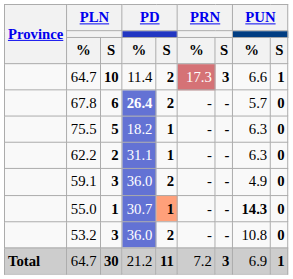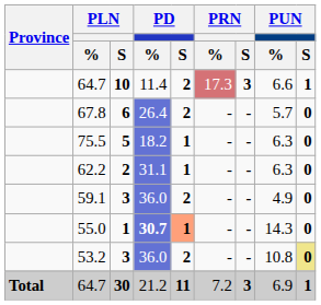 <table class="wikitable sortable" style="text-align:right; font-size:95%; line-height:20px;">
 <tr>
 <th rowspan="3"><a href='#'>Province</a></th>
 <th colspan="2" width="50px"><a href='#'>PLN</a></th>
 <th colspan="2" width="50px"><a href='#'>PD</a></th>
 <th colspan="2" width="50px"><a href='#'>PRN</a></th>
 <th colspan="2" width="50px"><a href='#'>PUN</a></th>
 </tr>
 <tr>
 <th colspan="2" style="background:"></th>
 <th colspan="2" style="background:#2136C2"></th>
 <th colspan="2" style="background:"></th>
 <th colspan="2" style="background:#013d82"></th>
 </tr>
 <tr>
 <th data-sort-type="number">%</th>
 <th data-sort-type="number">S</th>
 <th data-sort-type="number">%</th>
 <th data-sort-type="number">S</th>
 <th data-sort-type="number">%</th>
 <th data-sort-type="number">S</th>
 <th data-sort-type="number">%</th>
 <th data-sort-type="number">S</th>
 </tr>
 <tr>
 <td align="left"></td>
 <td style="background:">64.7</td>
 <td><strong>10</strong></td>
 <td>11.4</td>
 <td><strong>2</strong></td>
 <td style="background:#d57276; color:white;">17.3</td>
 <td><strong>3</strong></td>
 <td>6.6</td>
 <td><strong>1</strong></td>
 </tr>
 <tr>
 <td align="left"></td>
 <td style="background:">67.8</td>
 <td><strong>6</strong></td>
-<td style="background:#6372d4; color:white;"><strong>26.4</strong></td>
+<td style="background:#6372d4; color:white;">26.4</td>
 <td><strong>2</strong></td>
 <td>-</td>
 <td><strong>-</strong></td>
 <td>5.7</td>
 <td><strong>0</strong></td>
 </tr>
 <tr>
 <td align="left"></td>
 <td style="background:">75.5</td>
 <td><strong>5</strong></td>
 <td style="background:#6372d4; color:white;">18.2</td>
 <td><strong>1</strong></td>
 <td>-</td>
 <td><strong>-</strong></td>
 <td>6.3</td>
 <td><strong>0</strong></td>
 </tr>
 <tr>
 <td align="left"></td>
 <td style="background:">62.2</td>
 <td><strong>2</strong></td>
 <td style="background:#6372d4; color:white;">31.1</td>
 <td><strong>1</strong></td>
 <td>-</td>
 <td><strong>-</strong></td>
 <td>6.3</td>
 <td><strong>0</strong></td>
 </tr>
 <tr>
 <td align="left"></td>
 <td style="background:">59.1</td>
 <td><strong>3</strong></td>
 <td style="background:#6372d4; color:white;">36.0</td>
 <td><strong>2</strong></td>
 <td>-</td>
 <td><strong>-</strong></td>
 <td>4.9</td>
 <td><strong>0</strong></td>
 </tr>
 <tr>
 <td align="left"></td>
 <td style="background:">55.0</td>
 <td><strong>1</strong></td>
-<td style="background:#6372d4; color:white;">30.7</td>
+<td style="background:#6372d4; color:white;"><strong>30.7</strong></td>
 <td style="background: lightsalmon;"><strong>1</strong></td>
 <td>-</td>
 <td><strong>-</strong></td>
-<td><strong>14.3</strong></td>
+<td>14.3</td>
 <td><strong>0</strong></td>
 </tr>
 <tr>
 <td align="left"></td>
 <td style="background:">53.2</td>
 <td><strong>3</strong></td>
 <td style="background:#6372d4; color:white;">36.0</td>
 <td><strong>2</strong></td>
 <td>-</td>
 <td><strong>-</strong></td>
 <td>10.8</td>
-<td><strong>0</strong></td>
+<td style="background: khaki;"><strong>0</strong></td>
 </tr>
 <tr style="background:#CDCDCD;">
 <td align="left"><strong>Total</strong></td>
 <td style="background:">64.7</td>
 <td><strong>30</strong></td>
 <td>21.2</td>
 <td><strong>11</strong></td>
 <td>7.2</td>
 <td><strong>3</strong></td>
 <td>6.9</td>
 <td><strong>1</strong></td>
 </tr>
 </table>
